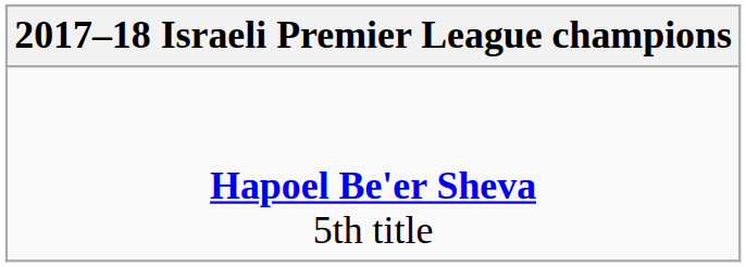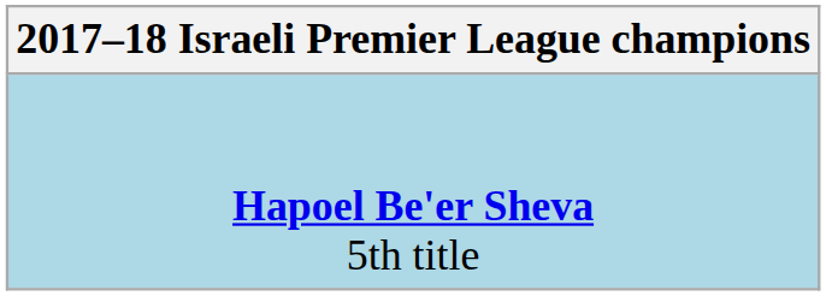 <table class=wikitable style="text-align:center; margin:auto">
 <tr>
 <th>2017–18 Israeli Premier League champions</th>
 </tr>
 <tr>
-<td><br><br> <strong><a href='#'>Hapoel Be'er Sheva</a></strong><br>5th title</td>
+<td style="background: lightblue;"><br><br> <strong><a href='#'>Hapoel Be'er Sheva</a></strong><br>5th title</td>
 </tr>
 </table>
